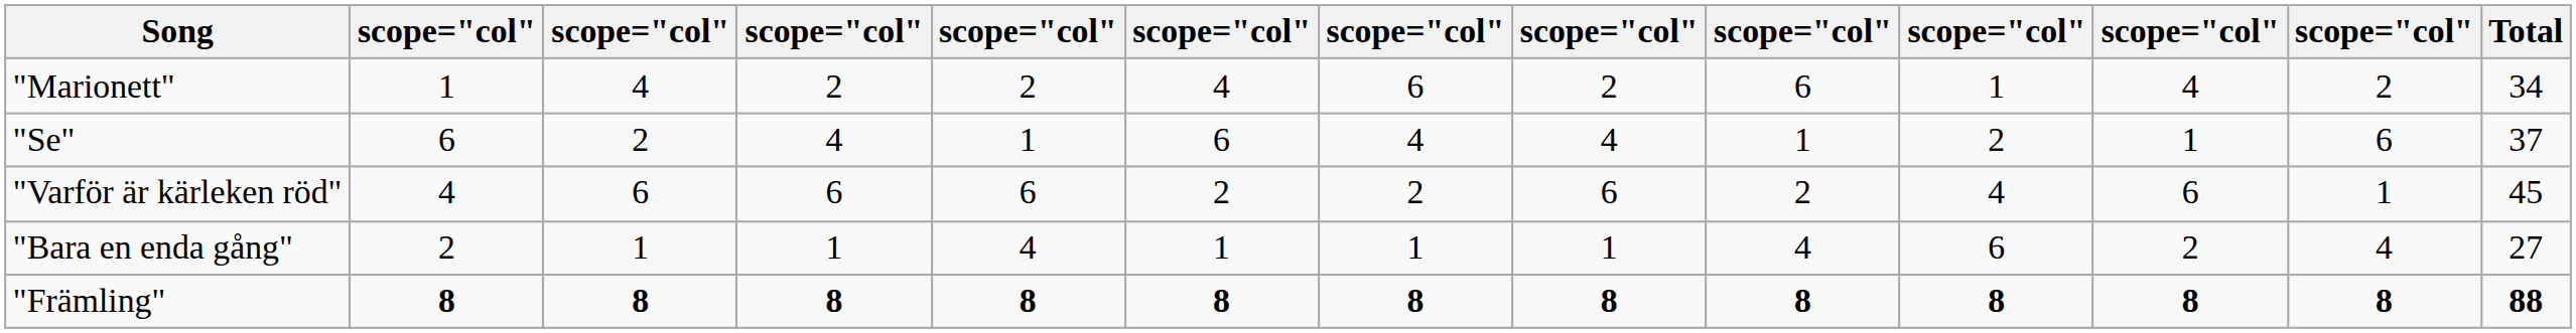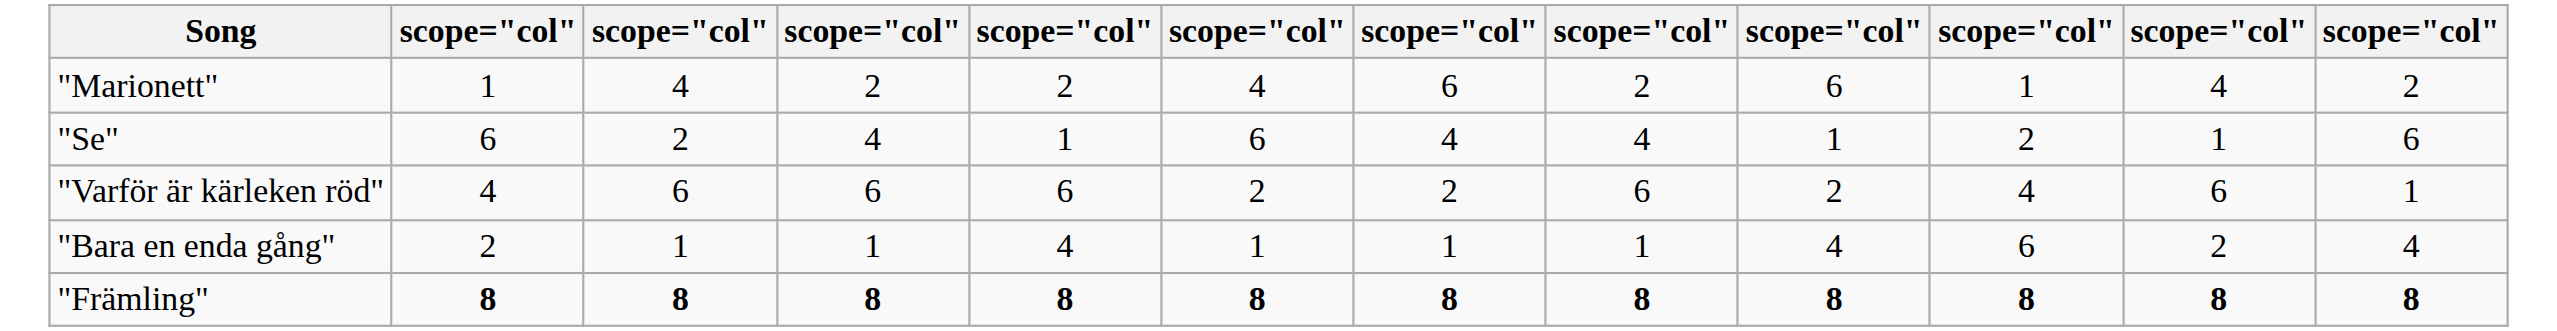 <table class="wikitable plainrowheaders" style="margin: 1em auto 1em auto; text-align:center;">
 <tr>
 <th scope="col">Song</th>
 <th>scope="col" </th>
 <th>scope="col" </th>
 <th>scope="col" </th>
 <th>scope="col" </th>
 <th>scope="col" </th>
 <th>scope="col" </th>
 <th>scope="col" </th>
 <th>scope="col" </th>
 <th>scope="col" </th>
 <th>scope="col" </th>
 <th>scope="col" </th>
-<th scope="col">Total</th>
 </tr>
 <tr --->
 <td align="left">"Marionett"</td>
 <td>1</td>
 <td>4</td>
 <td>2</td>
 <td>2</td>
 <td>4</td>
 <td>6</td>
 <td>2</td>
 <td>6</td>
 <td>1</td>
 <td>4</td>
 <td>2</td>
-<td>34</td>
 </tr>
 <tr --->
 <td align="left">"Se"</td>
 <td>6</td>
 <td>2</td>
 <td>4</td>
 <td>1</td>
 <td>6</td>
 <td>4</td>
 <td>4</td>
 <td>1</td>
 <td>2</td>
 <td>1</td>
 <td>6</td>
-<td>37</td>
 </tr>
 <tr --->
 <td align="left">"Varför är kärleken röd"</td>
 <td>4</td>
 <td>6</td>
 <td>6</td>
 <td>6</td>
 <td>2</td>
 <td>2</td>
 <td>6</td>
 <td>2</td>
 <td>4</td>
 <td>6</td>
 <td>1</td>
-<td>45</td>
 </tr>
 <tr --->
 <td align="left">"Bara en enda gång"</td>
 <td>2</td>
 <td>1</td>
 <td>1</td>
 <td>4</td>
 <td>1</td>
 <td>1</td>
 <td>1</td>
 <td>4</td>
 <td>6</td>
 <td>2</td>
 <td>4</td>
-<td>27</td>
 </tr>
 <tr --->
 <td align="left">"Främling"</td>
 <td><strong>8</strong></td>
 <td><strong>8</strong></td>
 <td><strong>8</strong></td>
 <td><strong>8</strong></td>
 <td><strong>8</strong></td>
 <td><strong>8</strong></td>
 <td><strong>8</strong></td>
 <td><strong>8</strong></td>
 <td><strong>8</strong></td>
 <td><strong>8</strong></td>
 <td><strong>8</strong></td>
-<td><strong>88</strong></td>
 </tr>
 </table>
